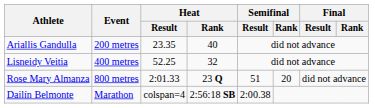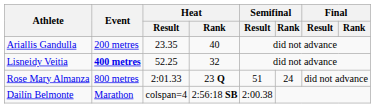 <table class="wikitable" style="font-size:90%">
 <tr>
 <th rowspan="2">Athlete</th>
 <th rowspan="2">Event</th>
 <th colspan="2">Heat</th>
 <th colspan="2">Semifinal</th>
 <th colspan="2">Final</th>
 </tr>
 <tr style="font-size:95%">
 <th>Result</th>
 <th>Rank</th>
 <th>Result</th>
 <th>Rank</th>
 <th>Result</th>
 <th>Rank</th>
 </tr>
 <tr style=text-align:center>
 <td style=text-align:left><a href='#'>Ariallis Gandulla</a></td>
 <td style=text-align:left><a href='#'>200 metres</a></td>
 <td>23.35</td>
 <td>40</td>
 <td colspan=4>did not advance</td>
 </tr>
 <tr style=text-align:center>
 <td style=text-align:left><a href='#'>Lisneidy Veitia</a></td>
-<td style=text-align:left><a href='#'>400 metres</a></td>
+<td style=text-align:left><strong><a href='#'>400 metres</a></strong></td>
 <td>52.25</td>
 <td>32</td>
 <td colspan=4>did not advance</td>
 </tr>
 <tr style=text-align:center>
 <td style=text-align:left><a href='#'>Rose Mary Almanza</a></td>
 <td style=text-align:left><a href='#'>800 metres</a></td>
 <td>2:01.33</td>
 <td>23 <strong>Q</strong></td>
 <td>51</td>
-<td>20</td>
+<td>24</td>
 <td colspan=2>did not advance</td>
 </tr>
 <tr style=text-align:center>
 <td style=text-align:left><a href='#'>Dailín Belmonte</a></td>
 <td style=text-align:left><a href='#'>Marathon</a></td>
 <td>colspan=4 </td>
 <td>2:56:18 <strong>SB</strong></td>
 <td>2:00.38</td>
 </tr>
 </table>
